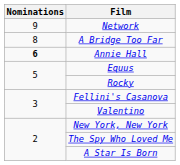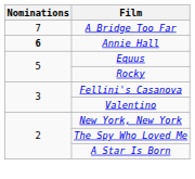 <table class="wikitable" style="text-align:center;">
 <tr>
 <th style="background:">Nominations</th>
 <th style="background:">Film</th>
 </tr>
 <tr>
-<td>9</td>
-<td><em><a href='#'>Network</a></em></td>
-</tr>
-<tr>
-<td>8</td>
+<td>7</td>
 <td><em><a href='#'>A Bridge Too Far</a></em></td>
 </tr>
 <tr>
 <td><strong>6</strong></td>
 <td><em><a href='#'>Annie Hall</a></em></td>
 </tr>
 <tr>
 <td rowspan="2">5</td>
 <td><em><a href='#'>Equus</a></em></td>
 </tr>
 <tr>
 <td><em><a href='#'>Rocky</a></em></td>
 </tr>
 <tr>
 <td rowspan="2">3</td>
 <td><em><a href='#'>Fellini's Casanova</a></em></td>
 </tr>
 <tr>
 <td><em><a href='#'>Valentino</a></em></td>
 </tr>
 <tr>
 <td rowspan="3">2</td>
 <td><em><a href='#'>New York, New York</a></em></td>
 </tr>
 <tr>
 <td><em><a href='#'>The Spy Who Loved Me</a></em></td>
 </tr>
 <tr>
 <td><em><a href='#'>A Star Is Born</a></em></td>
 </tr>
 </table>
